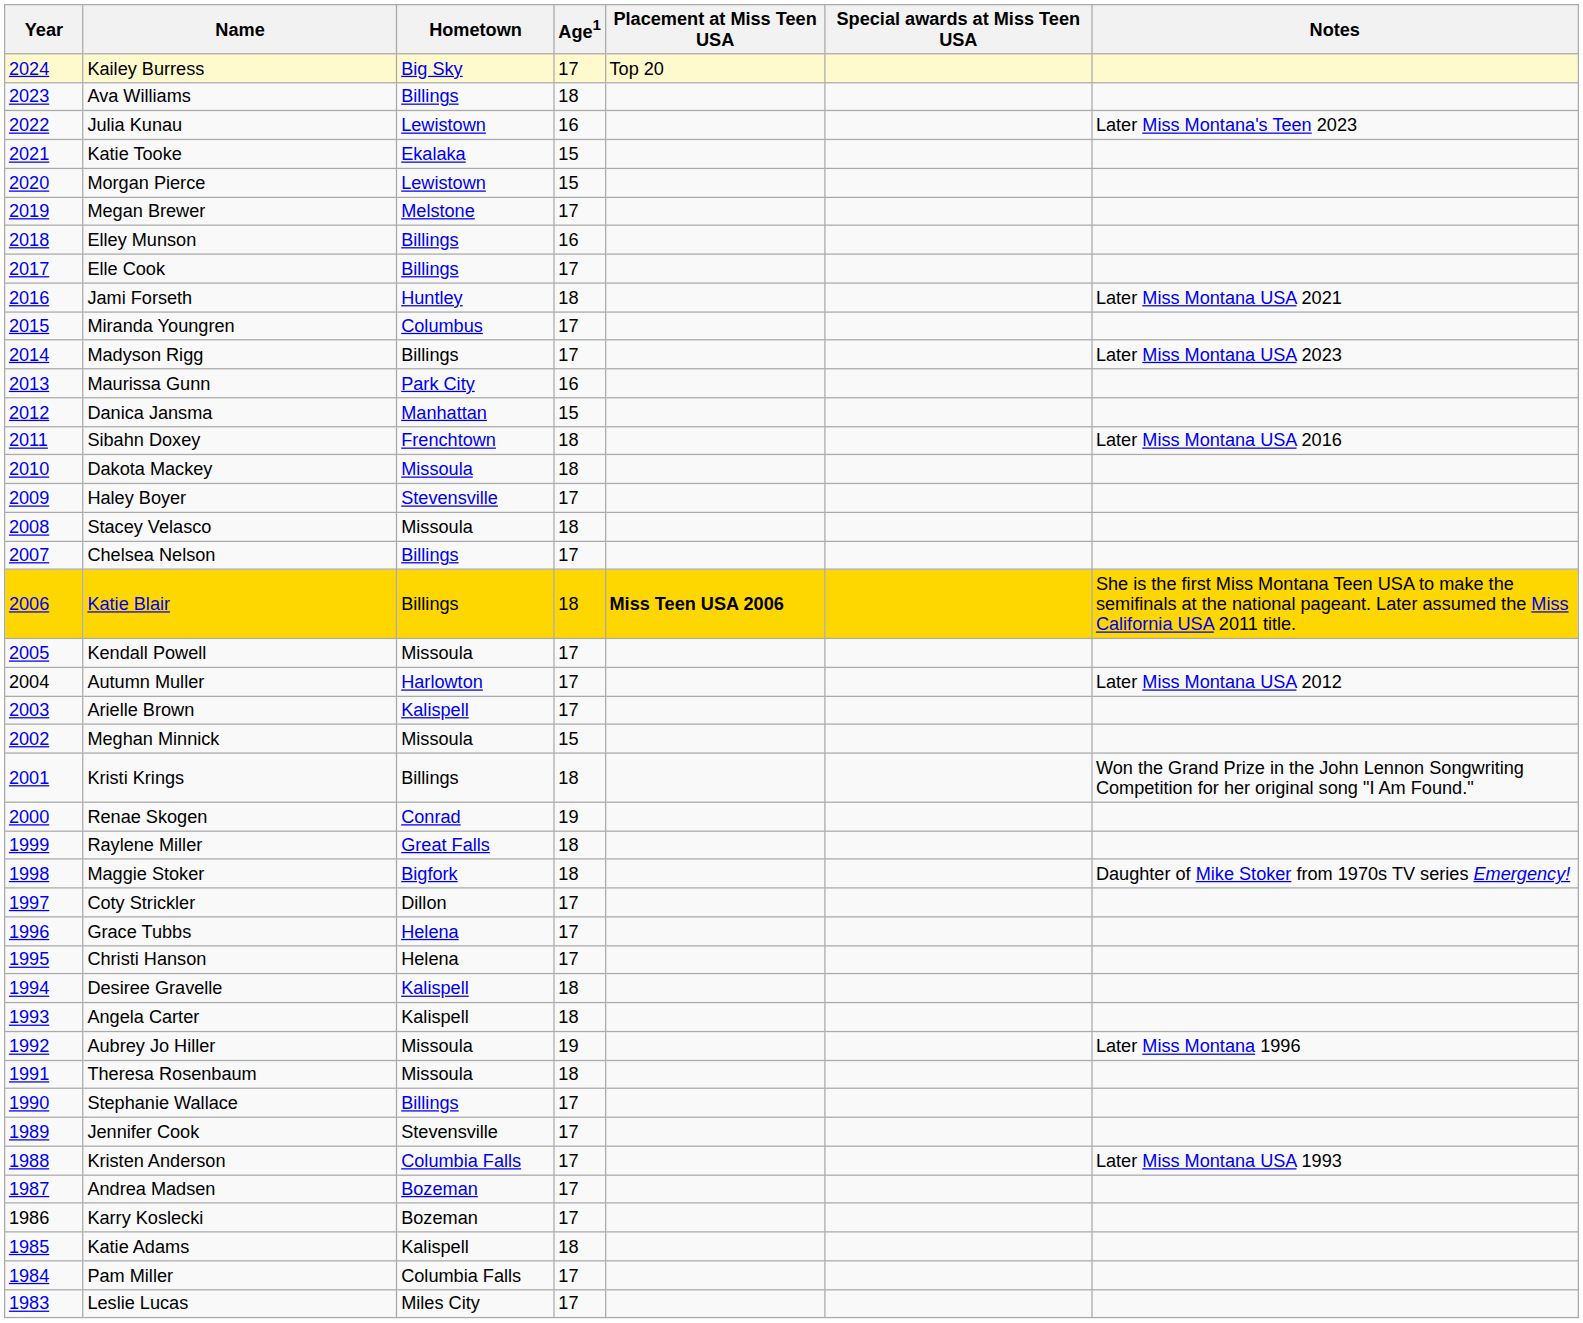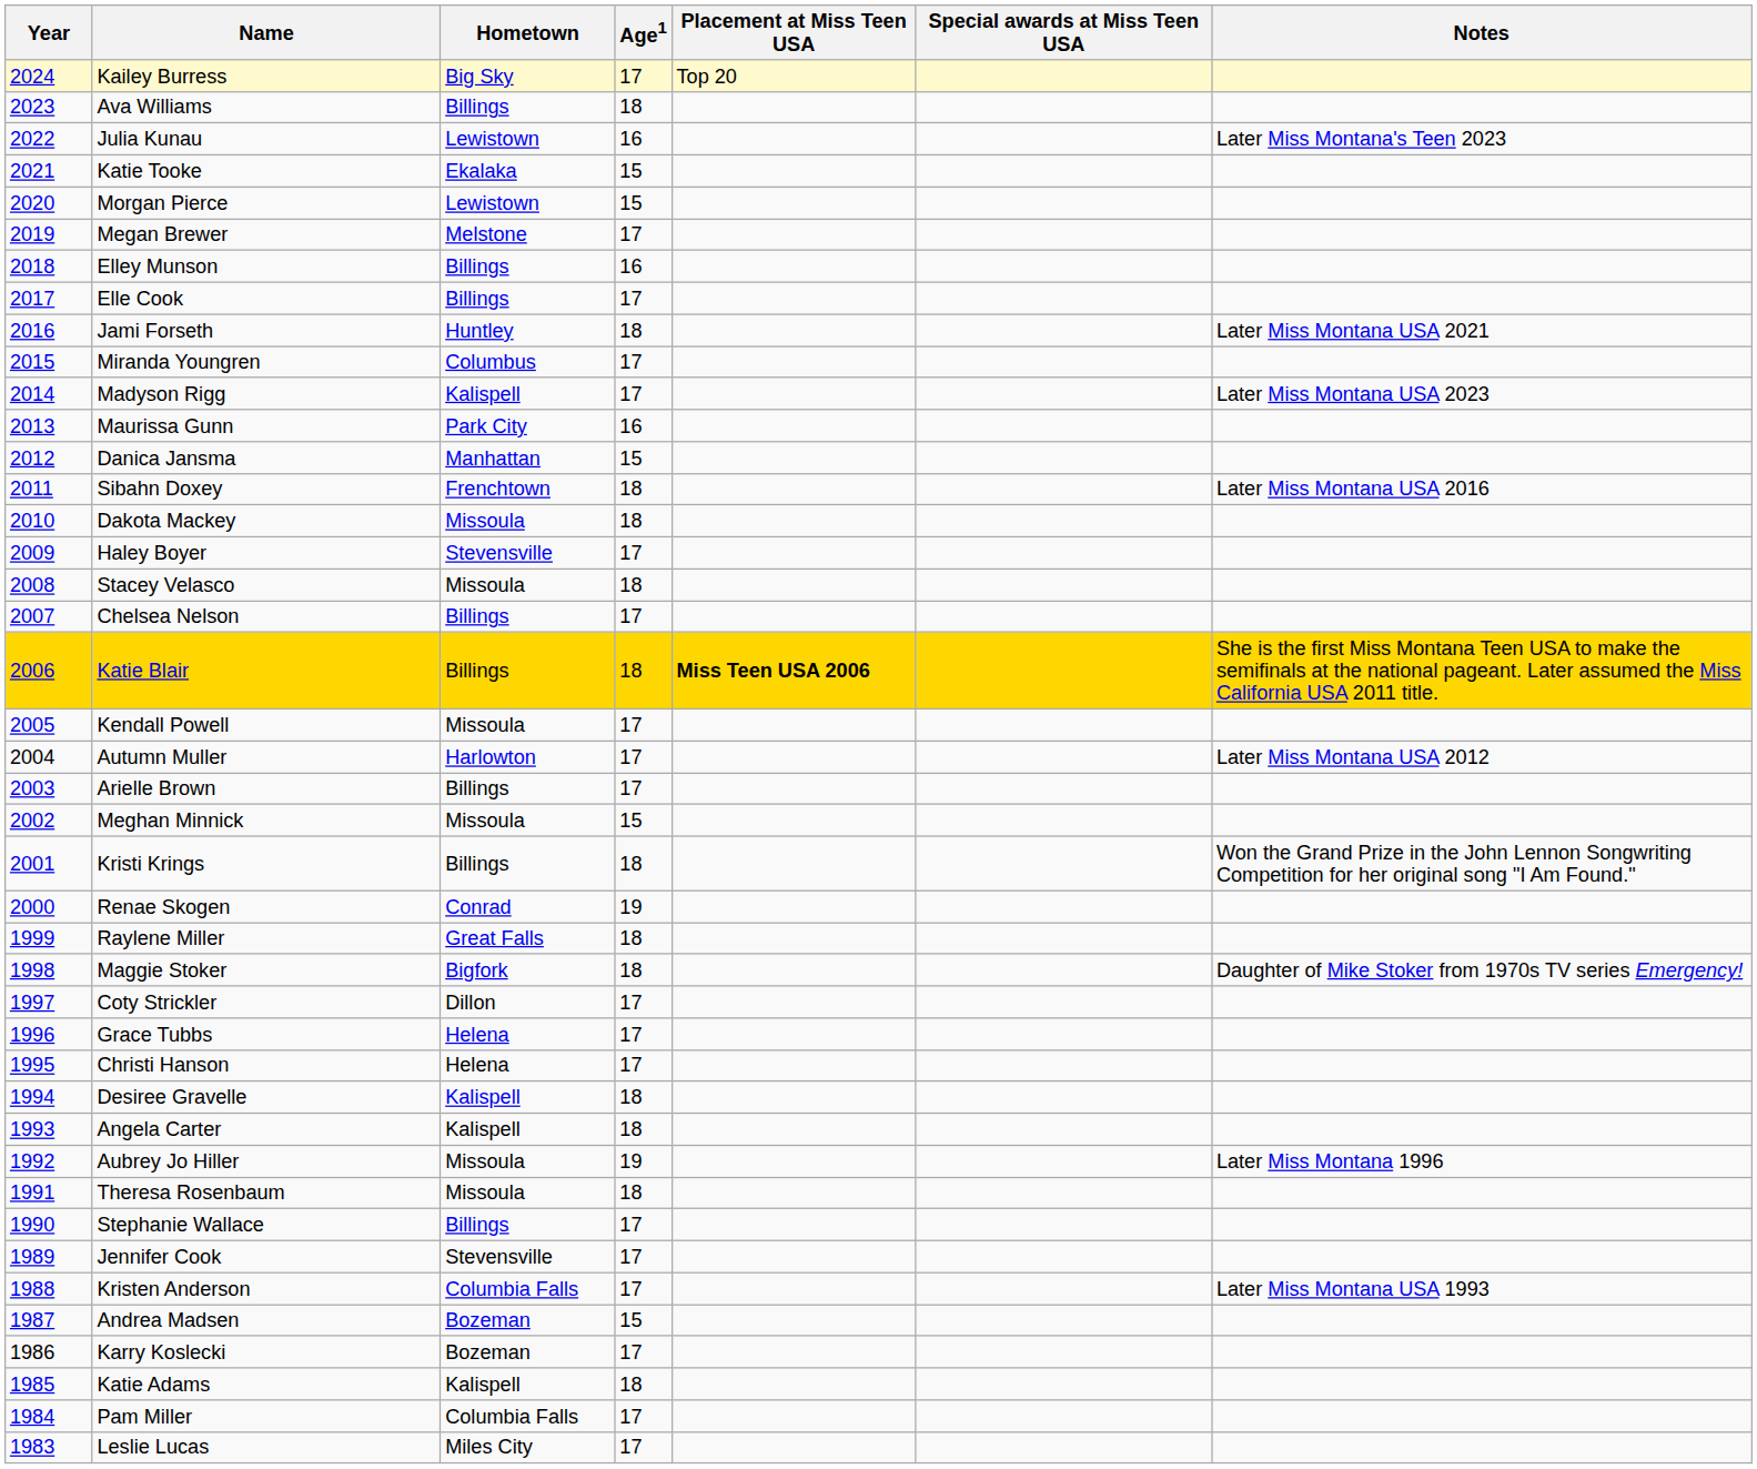 <table class="wikitable"style="font-size:90%;">
 <tr bgcolor="#efefef">
 <th width=5%>Year</th>
 <th width=20%>Name</th>
 <th width=10%>Hometown</th>
 <th width=3%>Age<sup>1</sup></th>
 <th width=14%>Placement at Miss Teen USA</th>
 <th width=17%>Special awards at Miss Teen  USA</th>
 <th width=31%>Notes</th>
 </tr>
 <tr style="background-color:#FFFACD;">
 <td><a href='#'>2024</a></td>
 <td>Kailey Burress</td>
 <td><a href='#'>Big Sky</a></td>
 <td>17</td>
 <td>Top 20</td>
 <td></td>
 <td></td>
 </tr>
 <tr>
 <td><a href='#'>2023</a></td>
 <td>Ava Williams</td>
 <td><a href='#'>Billings</a></td>
 <td>18</td>
 <td></td>
 <td></td>
 <td></td>
 </tr>
 <tr>
 <td><a href='#'>2022</a></td>
 <td>Julia Kunau</td>
 <td><a href='#'>Lewistown</a></td>
 <td>16</td>
 <td></td>
 <td></td>
 <td>Later <a href='#'>Miss Montana's Teen</a> 2023</td>
 </tr>
 <tr>
 <td><a href='#'>2021</a></td>
 <td>Katie Tooke</td>
 <td><a href='#'>Ekalaka</a></td>
 <td>15</td>
 <td></td>
 <td></td>
 <td></td>
 </tr>
 <tr>
 <td><a href='#'>2020</a></td>
 <td>Morgan Pierce</td>
 <td><a href='#'>Lewistown</a></td>
 <td>15</td>
 <td></td>
 <td></td>
 <td></td>
 </tr>
 <tr>
 <td><a href='#'>2019</a></td>
 <td>Megan Brewer</td>
 <td><a href='#'>Melstone</a></td>
 <td>17</td>
 <td></td>
 <td></td>
 <td></td>
 </tr>
 <tr>
 <td><a href='#'>2018</a></td>
 <td>Elley Munson</td>
 <td><a href='#'>Billings</a></td>
 <td>16</td>
 <td></td>
 <td></td>
 <td></td>
 </tr>
 <tr>
 <td><a href='#'>2017</a></td>
 <td>Elle Cook</td>
 <td><a href='#'>Billings</a></td>
 <td>17</td>
 <td></td>
 <td></td>
 <td></td>
 </tr>
 <tr>
 <td><a href='#'>2016</a></td>
 <td>Jami Forseth</td>
 <td><a href='#'>Huntley</a></td>
 <td>18</td>
 <td></td>
 <td></td>
 <td>Later <a href='#'>Miss Montana USA</a> 2021</td>
 </tr>
 <tr>
 <td><a href='#'>2015</a></td>
 <td>Miranda Youngren</td>
 <td><a href='#'>Columbus</a></td>
 <td>17</td>
 <td></td>
 <td></td>
 <td></td>
 </tr>
 <tr>
 <td><a href='#'>2014</a></td>
 <td>Madyson Rigg</td>
-<td>Billings</td>
+<td><a href='#'>Kalispell</a></td>
 <td>17</td>
 <td></td>
 <td></td>
 <td>Later <a href='#'>Miss Montana USA</a> 2023</td>
 </tr>
 <tr>
 <td><a href='#'>2013</a></td>
 <td>Maurissa Gunn</td>
 <td><a href='#'>Park City</a></td>
 <td>16</td>
 <td></td>
 <td></td>
 <td></td>
 </tr>
 <tr>
 <td><a href='#'>2012</a></td>
 <td>Danica Jansma</td>
 <td><a href='#'>Manhattan</a></td>
 <td>15</td>
 <td></td>
 <td></td>
 <td></td>
 </tr>
 <tr>
 <td><a href='#'>2011</a></td>
 <td>Sibahn Doxey</td>
 <td><a href='#'>Frenchtown</a></td>
 <td>18</td>
 <td></td>
 <td></td>
 <td>Later <a href='#'>Miss Montana USA</a> 2016</td>
 </tr>
 <tr>
 <td><a href='#'>2010</a></td>
 <td>Dakota Mackey</td>
 <td><a href='#'>Missoula</a></td>
 <td>18</td>
 <td></td>
 <td></td>
 <td></td>
 </tr>
 <tr>
 <td><a href='#'>2009</a></td>
 <td>Haley Boyer</td>
 <td><a href='#'>Stevensville</a></td>
 <td>17</td>
 <td></td>
 <td></td>
 <td></td>
 </tr>
 <tr>
 <td><a href='#'>2008</a></td>
 <td>Stacey Velasco</td>
 <td>Missoula</td>
 <td>18</td>
 <td></td>
 <td></td>
 <td></td>
 </tr>
 <tr>
 <td><a href='#'>2007</a></td>
 <td>Chelsea Nelson</td>
 <td><a href='#'>Billings</a></td>
 <td>17</td>
 <td></td>
 <td></td>
 <td></td>
 </tr>
 <tr style="background-color:GOLD;”">
 <td><a href='#'>2006</a></td>
 <td><a href='#'>Katie Blair</a></td>
 <td>Billings</td>
 <td>18</td>
 <td><strong>Miss Teen USA 2006</strong></td>
 <td></td>
 <td>She is the first Miss Montana Teen USA to make the semifinals at the national pageant. Later assumed the <a href='#'>Miss California USA</a> 2011 title.</td>
 </tr>
 <tr>
 <td><a href='#'>2005</a></td>
 <td>Kendall Powell</td>
 <td>Missoula</td>
 <td>17</td>
 <td></td>
 <td></td>
 <td></td>
 </tr>
 <tr>
 <td>2004</td>
 <td>Autumn Muller</td>
 <td><a href='#'>Harlowton</a></td>
 <td>17</td>
 <td></td>
 <td></td>
 <td>Later <a href='#'>Miss Montana USA</a> 2012</td>
 </tr>
 <tr>
 <td><a href='#'>2003</a></td>
 <td>Arielle Brown</td>
-<td><a href='#'>Kalispell</a></td>
+<td>Billings</td>
 <td>17</td>
 <td></td>
 <td></td>
 <td></td>
 </tr>
 <tr>
 <td><a href='#'>2002</a></td>
 <td>Meghan Minnick</td>
 <td>Missoula</td>
 <td>15</td>
 <td></td>
 <td></td>
 <td></td>
 </tr>
 <tr>
 <td><a href='#'>2001</a></td>
 <td>Kristi Krings</td>
 <td>Billings</td>
 <td>18</td>
 <td></td>
 <td></td>
 <td>Won the Grand Prize in the John Lennon Songwriting Competition for her original song "I Am Found."</td>
 </tr>
 <tr>
 <td><a href='#'>2000</a></td>
 <td>Renae Skogen</td>
 <td><a href='#'>Conrad</a></td>
 <td>19</td>
 <td></td>
 <td></td>
 <td></td>
 </tr>
 <tr>
 <td><a href='#'>1999</a></td>
 <td>Raylene Miller</td>
 <td><a href='#'>Great Falls</a></td>
 <td>18</td>
 <td></td>
 <td></td>
 <td></td>
 </tr>
 <tr>
 <td><a href='#'>1998</a></td>
 <td>Maggie Stoker</td>
 <td><a href='#'>Bigfork</a></td>
 <td>18</td>
 <td></td>
 <td></td>
 <td>Daughter of <a href='#'>Mike Stoker</a> from 1970s TV series <em><a href='#'>Emergency!</a></em></td>
 </tr>
 <tr>
 <td><a href='#'>1997</a></td>
 <td>Coty Strickler</td>
 <td>Dillon</td>
 <td>17</td>
 <td></td>
 <td></td>
 <td></td>
 </tr>
 <tr>
 <td><a href='#'>1996</a></td>
 <td>Grace Tubbs</td>
 <td><a href='#'>Helena</a></td>
 <td>17</td>
 <td></td>
 <td></td>
 <td></td>
 </tr>
 <tr>
 <td><a href='#'>1995</a></td>
 <td>Christi Hanson</td>
 <td>Helena</td>
 <td>17</td>
 <td></td>
 <td></td>
 <td></td>
 </tr>
 <tr>
 <td><a href='#'>1994</a></td>
 <td>Desiree Gravelle</td>
 <td><a href='#'>Kalispell</a></td>
 <td>18</td>
 <td></td>
 <td></td>
 <td></td>
 </tr>
 <tr>
 <td><a href='#'>1993</a></td>
 <td>Angela Carter</td>
 <td>Kalispell</td>
 <td>18</td>
 <td></td>
 <td></td>
 <td></td>
 </tr>
 <tr>
 <td><a href='#'>1992</a></td>
 <td>Aubrey Jo Hiller</td>
 <td>Missoula</td>
 <td>19</td>
 <td></td>
 <td></td>
 <td>Later <a href='#'>Miss Montana</a> 1996</td>
 </tr>
 <tr>
 <td><a href='#'>1991</a></td>
 <td>Theresa Rosenbaum</td>
 <td>Missoula</td>
 <td>18</td>
 <td></td>
 <td></td>
 <td></td>
 </tr>
 <tr>
 <td><a href='#'>1990</a></td>
 <td>Stephanie Wallace</td>
 <td><a href='#'>Billings</a></td>
 <td>17</td>
 <td></td>
 <td></td>
 <td></td>
 </tr>
 <tr>
 <td><a href='#'>1989</a></td>
 <td>Jennifer Cook</td>
 <td>Stevensville</td>
 <td>17</td>
 <td></td>
 <td></td>
 <td></td>
 </tr>
 <tr>
 <td><a href='#'>1988</a></td>
 <td>Kristen Anderson</td>
 <td><a href='#'>Columbia Falls</a></td>
 <td>17</td>
 <td></td>
 <td></td>
 <td>Later <a href='#'>Miss Montana USA</a> 1993</td>
 </tr>
 <tr>
 <td><a href='#'>1987</a></td>
 <td>Andrea Madsen</td>
 <td><a href='#'>Bozeman</a></td>
-<td>17</td>
+<td>15</td>
 <td></td>
 <td></td>
 <td></td>
 </tr>
 <tr>
 <td>1986</td>
 <td>Karry Koslecki</td>
 <td>Bozeman</td>
 <td>17</td>
 <td></td>
 <td></td>
 <td></td>
 </tr>
 <tr>
 <td><a href='#'>1985</a></td>
 <td>Katie Adams</td>
 <td>Kalispell</td>
 <td>18</td>
 <td></td>
 <td></td>
 <td></td>
 </tr>
 <tr>
 <td><a href='#'>1984</a></td>
 <td>Pam Miller</td>
 <td>Columbia Falls</td>
 <td>17</td>
 <td></td>
 <td></td>
 <td></td>
 </tr>
 <tr>
 <td><a href='#'>1983</a></td>
 <td>Leslie Lucas</td>
 <td>Miles City</td>
 <td>17</td>
 <td></td>
 <td></td>
 <td></td>
 </tr>
 </table>
